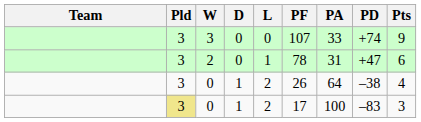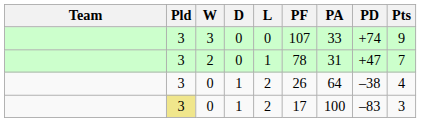 <table class="wikitable" style="text-align:center;">
 <tr>
 <th width=175>Team</th>
 <th style="width:25px;" abbr="Played">Pld</th>
 <th style="width:25px;" abbr="Won">W</th>
 <th style="width:25px;" abbr="Drawn">D</th>
 <th style="width:25px;" abbr="Lost">L</th>
 <th style="width:32px;" abbr="Points for">PF</th>
 <th style="width:32px;" abbr="Points against">PA</th>
 <th style="width:32px;" abbr="Points difference">PD</th>
 <th style="width:25px;" abbr="Points">Pts</th>
 </tr>
 <tr style="background:#cfc;">
 <td style="text-align:left;"></td>
 <td>3</td>
 <td>3</td>
 <td>0</td>
 <td>0</td>
 <td>107</td>
 <td>33</td>
 <td>+74</td>
 <td>9</td>
 </tr>
 <tr style="background:#cfc;">
 <td style="text-align:left;"></td>
 <td>3</td>
 <td>2</td>
 <td>0</td>
 <td>1</td>
 <td>78</td>
 <td>31</td>
 <td>+47</td>
-<td>6</td>
+<td>7</td>
 </tr>
 <tr>
 <td style="text-align:left;"></td>
 <td>3</td>
 <td>0</td>
 <td>1</td>
 <td>2</td>
 <td>26</td>
 <td>64</td>
 <td>–38</td>
 <td>4</td>
 </tr>
 <tr>
 <td style="text-align:left;"></td>
 <td style="background: khaki;">3</td>
 <td>0</td>
 <td>1</td>
 <td>2</td>
 <td>17</td>
 <td>100</td>
 <td>–83</td>
 <td>3</td>
 </tr>
 </table>
